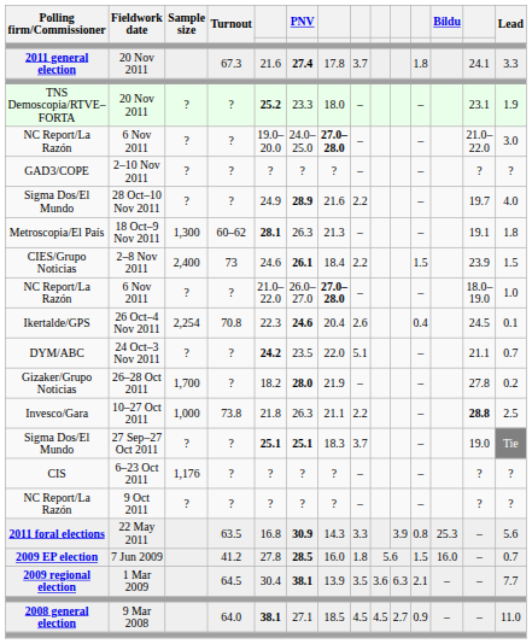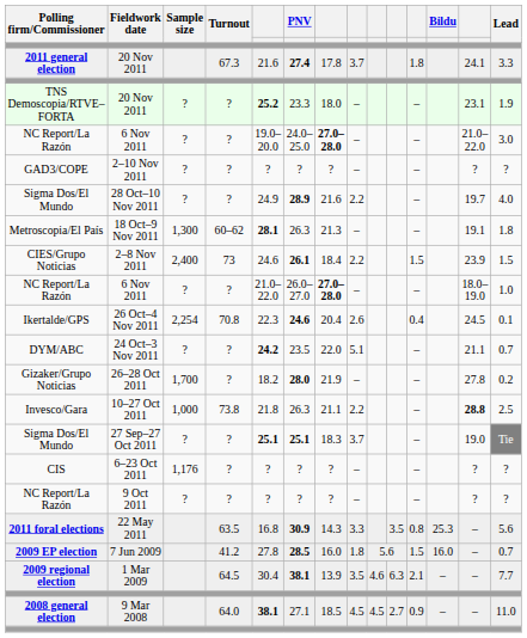 <table class="wikitable collapsible collapsed" style="text-align:center; font-size:95%; line-height:16px;">
 <tr style="height:42px;">
 <th style="width:250px;" rowspan="2">Polling firm/Commissioner</th>
 <th style="width:125px;" rowspan="2">Fieldwork date</th>
 <th style="width:50px;" rowspan="2">Sample size</th>
 <th style="width:45px;" rowspan="2">Turnout</th>
 <th style="width:35px;"></th>
 <th style="width:35px;"><a href='#'>PNV</a></th>
 <th style="width:35px;"></th>
 <th style="width:35px;"></th>
 <th style="width:35px;"></th>
 <th style="width:35px;"></th>
 <th style="width:35px;"></th>
 <th style="width:35px;"><a href='#'>Bildu</a></th>
 <th style="width:35px;"></th>
 <th style="width:30px;" rowspan="2">Lead</th>
 </tr>
 <tr>
 <th style="color:inherit;background:"></th>
 <th style="color:inherit;background:"></th>
 <th style="color:inherit;background:"></th>
 <th style="color:inherit;background:"></th>
 <th style="color:inherit;background:"></th>
 <th style="color:inherit;background:"></th>
 <th style="color:inherit;background:"></th>
 <th style="color:inherit;background:"></th>
 <th style="color:inherit;background:"></th>
 </tr>
 <tr>
 <td colspan="14" style="background:#A0A0A0"></td>
 </tr>
 <tr style="background:#EFEFEF;">
 <td><strong><a href='#'>2011 general election</a></strong></td>
 <td>20 Nov 2011</td>
 <td></td>
 <td>67.3</td>
 <td>21.6<br></td>
 <td><strong>27.4</strong><br></td>
 <td>17.8<br></td>
 <td>3.7<br></td>
 <td></td>
 <td></td>
 <td>1.8<br></td>
 <td></td>
 <td>24.1<br></td>
 <td style="background:">3.3</td>
 </tr>
 <tr>
 <td colspan="14" style="background:#A0A0A0"></td>
 </tr>
 <tr style="background:#EAFFEA;">
 <td>TNS Demoscopia/RTVE–FORTA</td>
 <td>20 Nov 2011</td>
 <td>?</td>
 <td>?</td>
 <td><strong>25.2</strong><br></td>
 <td>23.3<br></td>
 <td>18.0<br></td>
 <td>–</td>
 <td></td>
 <td></td>
 <td>–</td>
 <td></td>
 <td>23.1<br></td>
 <td style="background:">1.9</td>
 </tr>
 <tr>
 <td>NC Report/La Razón</td>
 <td>6 Nov 2011</td>
 <td>?</td>
 <td>?</td>
 <td>19.0–<br>20.0<br></td>
 <td>24.0–<br>25.0<br></td>
 <td><strong>27.0–<br>28.0</strong><br></td>
 <td>–</td>
 <td></td>
 <td></td>
 <td>–</td>
 <td></td>
 <td>21.0–<br>22.0<br></td>
 <td style="background:">3.0</td>
 </tr>
 <tr>
 <td>GAD3/COPE</td>
 <td>2–10 Nov 2011</td>
 <td>?</td>
 <td>?</td>
 <td>?<br></td>
 <td>?<br></td>
 <td>?<br></td>
 <td>–</td>
 <td></td>
 <td></td>
 <td>–</td>
 <td></td>
 <td>?<br></td>
 <td style="background:">?</td>
 </tr>
 <tr>
 <td>Sigma Dos/El Mundo</td>
 <td>28 Oct–10 Nov 2011</td>
 <td>?</td>
 <td>?</td>
 <td>24.9<br></td>
 <td><strong>28.9</strong><br></td>
 <td>21.6<br></td>
 <td>2.2<br></td>
 <td></td>
 <td></td>
 <td>–</td>
 <td></td>
 <td>19.7<br></td>
 <td style="background:">4.0</td>
 </tr>
 <tr>
 <td>Metroscopia/El País</td>
 <td>18 Oct–9 Nov 2011</td>
 <td>1,300</td>
 <td>60–62</td>
 <td><strong>28.1</strong><br></td>
 <td>26.3<br></td>
 <td>21.3<br></td>
 <td>–</td>
 <td></td>
 <td></td>
 <td>–</td>
 <td></td>
 <td>19.1<br></td>
 <td style="background:">1.8</td>
 </tr>
 <tr>
 <td>CIES/Grupo Noticias</td>
 <td>2–8 Nov 2011</td>
 <td>2,400</td>
 <td>73</td>
 <td>24.6<br></td>
 <td><strong>26.1</strong><br></td>
 <td>18.4<br></td>
 <td>2.2<br></td>
 <td></td>
 <td></td>
 <td>1.5<br></td>
 <td></td>
 <td>23.9<br></td>
 <td style="background:">1.5</td>
 </tr>
 <tr>
 <td>NC Report/La Razón</td>
 <td>6 Nov 2011</td>
 <td>?</td>
 <td>?</td>
 <td>21.0–<br>22.0<br></td>
 <td>26.0–<br>27.0<br></td>
 <td><strong>27.0–<br>28.0</strong><br></td>
 <td>–</td>
 <td></td>
 <td></td>
 <td>–</td>
 <td></td>
 <td>18.0–<br>19.0<br></td>
 <td style="background:">1.0</td>
 </tr>
 <tr>
 <td>Ikertalde/GPS</td>
 <td>26 Oct–4 Nov 2011</td>
 <td>2,254</td>
 <td>70.8</td>
 <td>22.3<br></td>
 <td><strong>24.6</strong><br></td>
 <td>20.4<br></td>
 <td>2.6<br></td>
 <td></td>
 <td></td>
 <td>0.4<br></td>
 <td></td>
 <td>24.5<br></td>
 <td style="background:">0.1</td>
 </tr>
 <tr>
 <td>DYM/ABC</td>
 <td>24 Oct–3 Nov 2011</td>
 <td>?</td>
 <td>?</td>
 <td><strong>24.2</strong><br></td>
 <td>23.5<br></td>
 <td>22.0<br></td>
 <td>5.1<br></td>
 <td></td>
 <td></td>
 <td>–</td>
 <td></td>
 <td>21.1<br></td>
 <td style="background:">0.7</td>
 </tr>
 <tr>
 <td>Gizaker/Grupo Noticias</td>
 <td>26–28 Oct 2011</td>
 <td>1,700</td>
 <td>?</td>
 <td>18.2<br></td>
 <td><strong>28.0</strong><br></td>
 <td>21.9<br></td>
 <td>–</td>
 <td></td>
 <td></td>
 <td>–</td>
 <td></td>
 <td>27.8<br></td>
 <td style="background:">0.2</td>
 </tr>
 <tr>
 <td>Invesco/Gara</td>
 <td>10–27 Oct 2011</td>
 <td>1,000</td>
 <td>73.8</td>
 <td>21.8<br></td>
 <td>26.3<br></td>
 <td>21.1<br></td>
 <td>2.2<br></td>
 <td></td>
 <td></td>
 <td>–</td>
 <td></td>
 <td><strong>28.8</strong><br></td>
 <td style="background:">2.5</td>
 </tr>
 <tr>
 <td>Sigma Dos/El Mundo</td>
 <td>27 Sep–27 Oct 2011</td>
 <td>?</td>
 <td>?</td>
 <td><strong>25.1</strong><br></td>
 <td><strong>25.1</strong><br></td>
 <td>18.3<br></td>
 <td>3.7<br></td>
 <td></td>
 <td></td>
 <td>–</td>
 <td></td>
 <td>19.0<br></td>
 <td style="background:gray; color:white;">Tie</td>
 </tr>
 <tr>
 <td>CIS</td>
 <td>6–23 Oct 2011</td>
 <td>1,176</td>
 <td>?</td>
 <td>?<br></td>
 <td>?<br></td>
 <td>?<br></td>
 <td>–</td>
 <td></td>
 <td></td>
 <td>–</td>
 <td></td>
 <td>?<br></td>
 <td style="background:">?</td>
 </tr>
 <tr>
 <td>NC Report/La Razón</td>
 <td>9 Oct 2011</td>
 <td>?</td>
 <td>?</td>
 <td>?<br></td>
 <td>?<br></td>
 <td>?<br></td>
 <td>–</td>
 <td></td>
 <td></td>
 <td>–</td>
 <td></td>
 <td>?<br></td>
 <td style="background:">?</td>
 </tr>
 <tr style="background:#EFEFEF;">
 <td><strong><a href='#'>2011 foral elections</a></strong></td>
 <td>22 May 2011</td>
 <td></td>
 <td>63.5</td>
 <td>16.8<br></td>
 <td><strong>30.9</strong><br></td>
 <td>14.3<br></td>
 <td>3.3<br></td>
 <td></td>
-<td>3.9<br></td>
+<td>3.5<br></td>
 <td>0.8<br></td>
 <td>25.3<br></td>
 <td>–</td>
 <td style="background:">5.6</td>
 </tr>
 <tr style="background:#EFEFEF;">
 <td><strong><a href='#'>2009 EP election</a></strong></td>
 <td>7 Jun 2009</td>
 <td></td>
 <td>41.2</td>
 <td>27.8<br></td>
 <td><strong>28.5</strong><br></td>
 <td>16.0<br></td>
 <td>1.8<br></td>
 <td colspan="2">5.6<br></td>
 <td>1.5<br></td>
 <td>16.0<br></td>
 <td>–</td>
 <td style="background:">0.7</td>
 </tr>
 <tr style="background:#EFEFEF;">
 <td><strong><a href='#'>2009 regional election</a></strong></td>
 <td>1 Mar 2009</td>
 <td></td>
 <td>64.5</td>
 <td>30.4<br></td>
 <td><strong>38.1</strong><br></td>
 <td>13.9<br></td>
 <td>3.5<br></td>
-<td>3.6<br></td>
+<td>4.6<br></td>
 <td>6.3<br></td>
 <td>2.1<br></td>
 <td>–</td>
 <td>–</td>
 <td style="background:">7.7</td>
 </tr>
 <tr>
 <td colspan="14" style="background:#A0A0A0"></td>
 </tr>
 <tr style="background:#EFEFEF;">
 <td><strong><a href='#'>2008 general election</a></strong></td>
 <td>9 Mar 2008</td>
 <td></td>
 <td>64.0</td>
 <td><strong>38.1</strong><br></td>
 <td>27.1<br></td>
 <td>18.5<br></td>
 <td>4.5<br></td>
 <td>4.5<br></td>
 <td>2.7<br></td>
 <td>0.9<br></td>
 <td>–</td>
 <td>–</td>
 <td style="background:">11.0</td>
 </tr>
 <tr>
 <td colspan="14" style="background:#A0A0A0"></td>
 </tr>
 </table>
